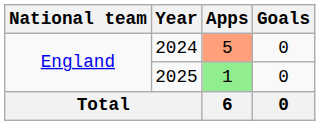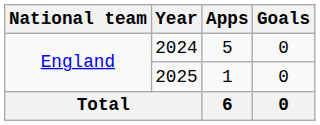 <table class="wikitable" style="text-align:center">
 <tr>
 <th>National team</th>
 <th>Year</th>
 <th>Apps</th>
 <th>Goals</th>
 </tr>
 <tr>
 <td rowspan="2"><a href='#'>England</a></td>
 <td>2024</td>
-<td style="background: lightsalmon;">5</td>
+<td>5</td>
 <td>0</td>
 </tr>
 <tr>
 <td>2025</td>
-<td style="background: lightgreen;">1</td>
+<td>1</td>
 <td>0</td>
 </tr>
 <tr>
 <th colspan="2">Total</th>
 <th>6</th>
 <th>0</th>
 </tr>
 </table>
